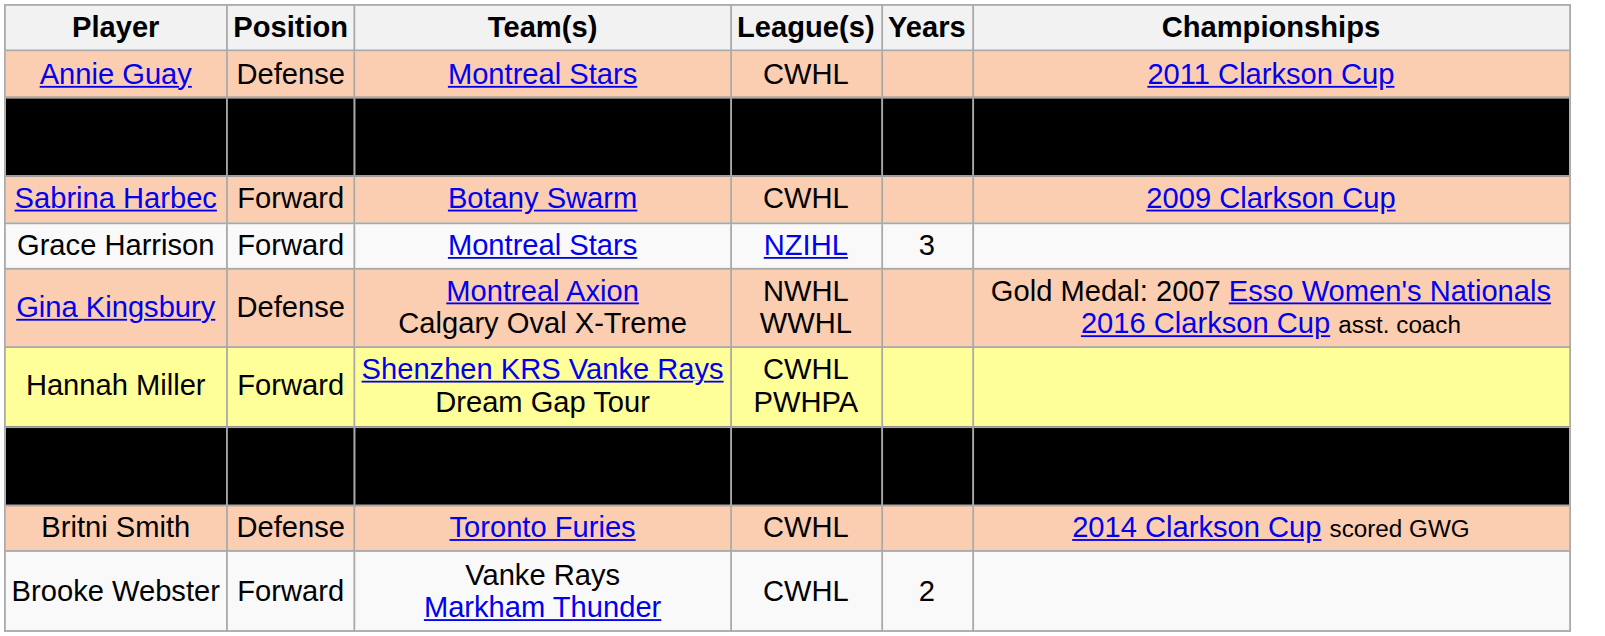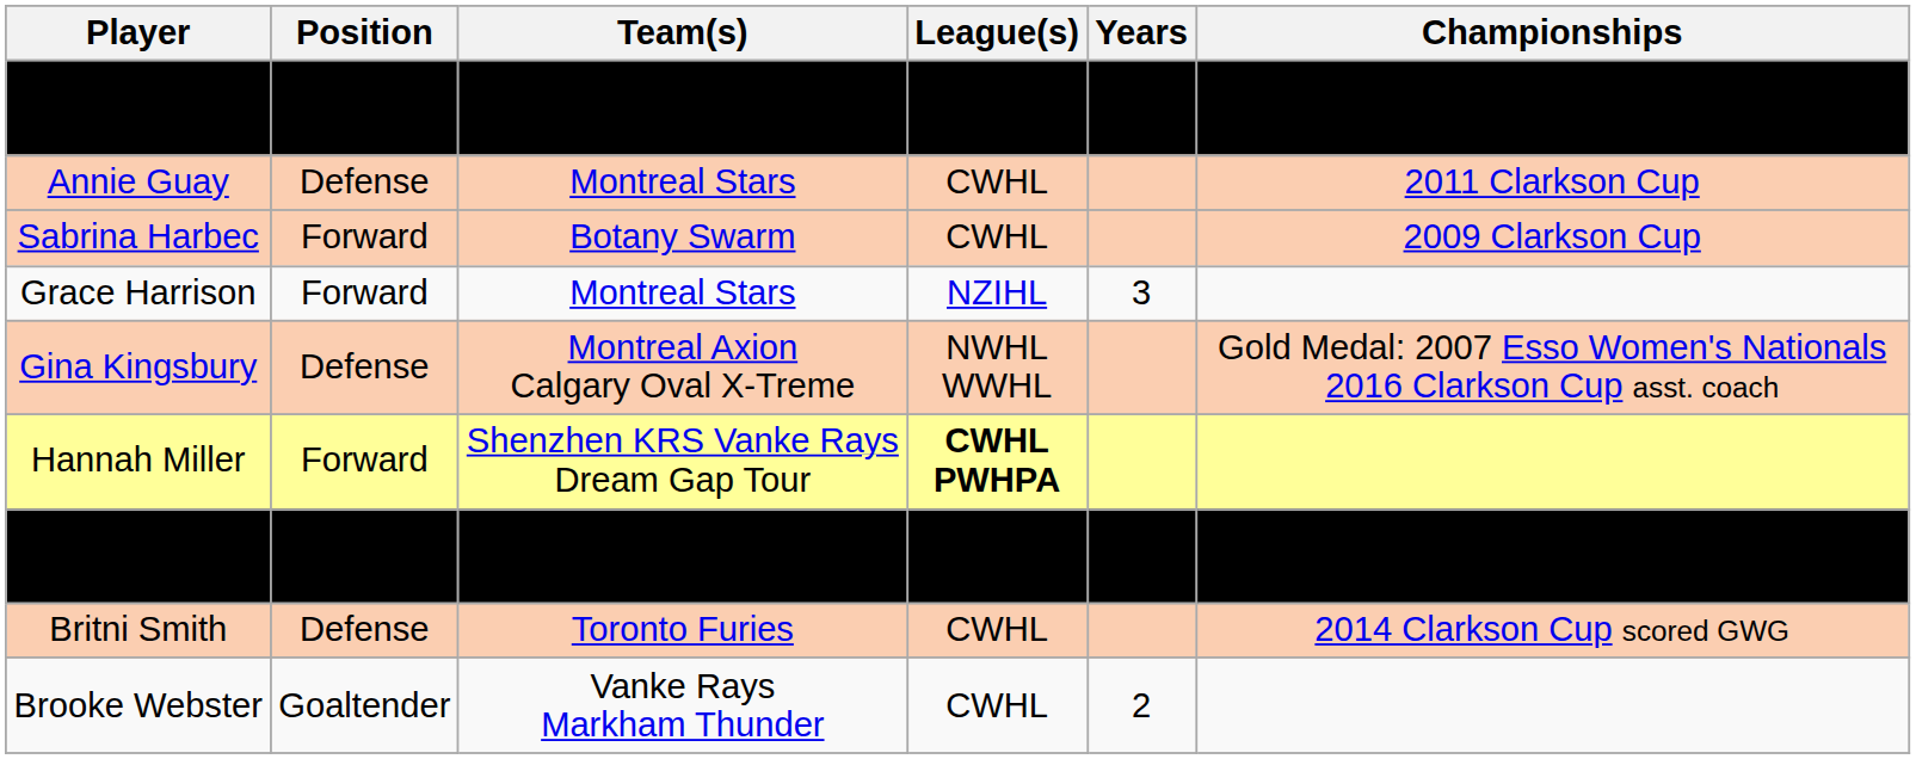 <table class="wikitable sortable">
 <tr>
 <th>Player</th>
 <th>Position</th>
 <th>Team(s)</th>
 <th>League(s)</th>
 <th>Years</th>
 <th>Championships</th>
 </tr>
+<tr align="center" bgcolor=" ">
+<td>Nadine Edney</td>
+<td></td>
+<td>Sydney Sirens<br>EHV Sabres Wien</td>
+<td>AWIHL<br>EWHL</td>
+<td>2</td>
+<td>2020 Joan McKowen Memorial Trophy<br>2021 Austrian women's league championship</td>
+</tr>
 <tr align="center" bgcolor="FBCEB1">
 <td><a href='#'>Annie Guay</a></td>
 <td>Defense</td>
 <td><a href='#'>Montreal Stars</a></td>
 <td>CWHL</td>
 <td></td>
 <td><a href='#'>2011 Clarkson Cup</a></td>
-</tr>
-<tr align="center" bgcolor=" ">
-<td>Nadine Edney</td>
-<td></td>
-<td>Sydney Sirens<br>EHV Sabres Wien</td>
-<td>AWIHL<br>EWHL</td>
-<td>2</td>
-<td>2020 Joan McKowen Memorial Trophy<br>2021 Austrian women's league championship</td>
 </tr>
 <tr align="center" bgcolor="FBCEB1">
 <td><a href='#'>Sabrina Harbec</a></td>
 <td>Forward</td>
 <td><a href='#'>Botany Swarm</a></td>
 <td>CWHL</td>
 <td></td>
 <td><a href='#'>2009 Clarkson Cup</a></td>
 </tr>
 <tr align="center" bgcolor="">
 <td>Grace Harrison</td>
 <td>Forward</td>
 <td><a href='#'>Montreal Stars</a></td>
 <td><a href='#'>NZIHL</a></td>
 <td>3</td>
 <td></td>
 </tr>
 <tr align="center" bgcolor="FBCEB1">
 <td><a href='#'>Gina Kingsbury</a></td>
 <td>Defense</td>
 <td><a href='#'>Montreal Axion</a><br>Calgary Oval X-Treme</td>
 <td>NWHL<br>WWHL</td>
 <td></td>
 <td>Gold Medal: 2007 <a href='#'>Esso Women's Nationals</a><br><a href='#'>2016 Clarkson Cup</a> <small>asst. coach</small></td>
 </tr>
 <tr align="center" bgcolor="FFFF99">
 <td>Hannah Miller</td>
 <td>Forward</td>
 <td><a href='#'>Shenzhen KRS Vanke Rays</a><br>Dream Gap Tour</td>
-<td>CWHL<br>PWHPA</td>
+<td><strong>CWHL<br>PWHPA</strong></td>
 <td></td>
 <td></td>
 </tr>
 <tr align="center" bgcolor=" ">
 <td>Kayla Nielsen</td>
 <td></td>
 <td>Sydney Sirens<br>EHV Sabres Wien</td>
 <td>NWHL<br>WWHL</td>
 <td>2</td>
 <td>2020 Joan McKowen Memorial Trophy<br>2021 Austrian women's league championship</td>
 </tr>
 <tr align="center" bgcolor="FBCEB1">
 <td>Britni Smith</td>
 <td>Defense</td>
 <td><a href='#'>Toronto Furies</a></td>
 <td>CWHL</td>
 <td></td>
 <td><a href='#'>2014 Clarkson Cup</a> <small>scored GWG</small></td>
 </tr>
 <tr align="center" bgcolor="">
 <td>Brooke Webster</td>
-<td>Forward</td>
+<td>Goaltender</td>
 <td>Vanke Rays<br><a href='#'>Markham Thunder</a></td>
 <td>CWHL</td>
 <td>2</td>
 <td></td>
 </tr>
 </table>
